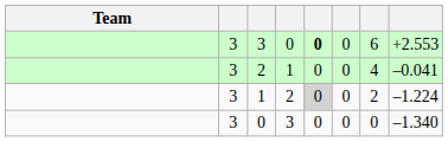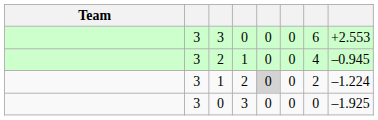 <table class="wikitable" style="text-align:center">
 <tr>
 <th width=200>Team</th>
 <th width=20></th>
 <th width=20></th>
 <th width=20></th>
 <th width=20></th>
 <th width=20></th>
 <th width=20></th>
 <th width=45></th>
 </tr>
 <tr style="background:#cfc">
 <td align="left"></td>
 <td>3</td>
 <td>3</td>
 <td>0</td>
-<td><strong>0</strong></td>
+<td>0</td>
 <td>0</td>
 <td>6</td>
 <td>+2.553</td>
 </tr>
 <tr style="background:#cfc">
 <td align="left"></td>
 <td>3</td>
 <td>2</td>
 <td>1</td>
 <td>0</td>
 <td>0</td>
 <td>4</td>
-<td>–0.041</td>
+<td>–0.945</td>
 </tr>
 <tr>
 <td align="left"></td>
 <td>3</td>
 <td>1</td>
 <td>2</td>
 <td style="background: lightgrey;">0</td>
 <td>0</td>
 <td>2</td>
 <td>–1.224</td>
 </tr>
 <tr>
 <td align="left"></td>
 <td>3</td>
 <td>0</td>
 <td>3</td>
 <td>0</td>
 <td>0</td>
 <td>0</td>
-<td>–1.340</td>
+<td>–1.925</td>
 </tr>
 </table>
